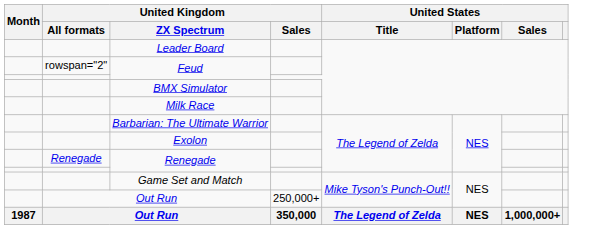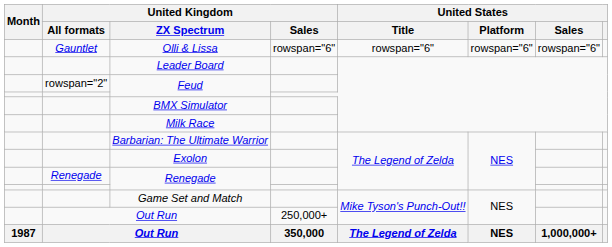 <table class="wikitable sortable" style="text-align:center">
 <tr>
 <th rowspan="2">Month</th>
 <th colspan="3">United Kingdom</th>
 <th colspan="4">United States</th>
 </tr>
 <tr>
 <th>All formats</th>
 <th><a href='#'>ZX Spectrum</a></th>
 <th>Sales</th>
 <th>Title</th>
 <th>Platform</th>
 <th>Sales</th>
 <th class="unsortable"></th>
+</tr>
+<tr>
+<td></td>
+<td><em><a href='#'>Gauntlet</a></em></td>
+<td><em><a href='#'>Olli & Lissa</a></em></td>
+<td>rowspan="6" </td>
+<td>rowspan="6" </td>
+<td>rowspan="6" </td>
+<td>rowspan="6" </td>
+<td></td>
 </tr>
 <tr>
 <td></td>
 <td></td>
 <td><em><a href='#'>Leader Board</a></em></td>
 <td></td>
 </tr>
 <tr>
 <td></td>
 <td>rowspan="2" </td>
 <td rowspan="2"><em><a href='#'>Feud</a></em></td>
 <td></td>
 </tr>
 <tr>
 <td></td>
 <td></td>
 </tr>
 <tr>
 <td></td>
 <td></td>
 <td><em><a href='#'>BMX Simulator</a></em></td>
 <td></td>
 </tr>
 <tr>
 <td></td>
 <td></td>
 <td><em><a href='#'>Milk Race</a></em></td>
 <td></td>
 </tr>
 <tr>
 <td></td>
 <td></td>
 <td><em><a href='#'>Barbarian: The Ultimate Warrior</a></em></td>
 <td></td>
 <td rowspan="4"><em><a href='#'>The Legend of Zelda</a></em></td>
 <td rowspan="4"><a href='#'>NES</a></td>
 <td></td>
 <td></td>
 </tr>
 <tr>
 <td></td>
 <td></td>
 <td><em><a href='#'>Exolon</a></em></td>
 <td></td>
 <td></td>
 <td></td>
 </tr>
 <tr>
 <td></td>
 <td><em><a href='#'>Renegade</a></em></td>
 <td rowspan="2"><em><a href='#'>Renegade</a></em></td>
 <td></td>
 <td></td>
 <td></td>
 </tr>
 <tr>
 <td></td>
 <td></td>
 <td></td>
 <td></td>
 <td></td>
 </tr>
 <tr>
 <td></td>
 <td></td>
 <td><em>Game Set and Match</em></td>
 <td></td>
 <td rowspan="2"><em><a href='#'>Mike Tyson's Punch-Out!!</a></em></td>
 <td rowspan="2">NES</td>
 <td></td>
 <td></td>
 </tr>
 <tr>
 <td></td>
 <td colspan="2"><em><a href='#'>Out Run</a></em></td>
 <td>250,000+</td>
 <td></td>
 <td></td>
 </tr>
 <tr>
 <th>1987</th>
 <th colspan="2"><em><a href='#'>Out Run</a></em></th>
 <th>350,000</th>
 <th><em><a href='#'>The Legend of Zelda</a></em></th>
 <th>NES</th>
 <th>1,000,000+</th>
 <th></th>
 </tr>
 </table>
